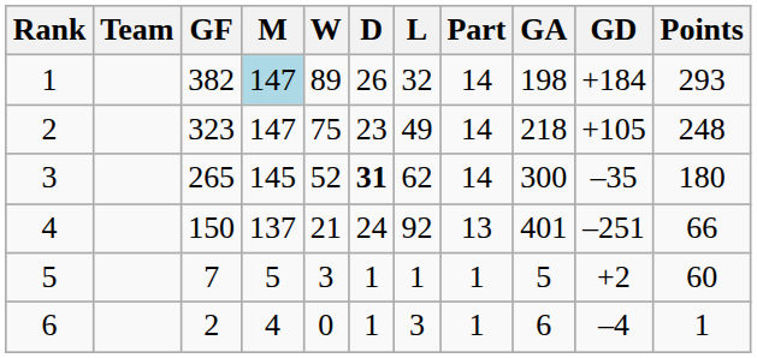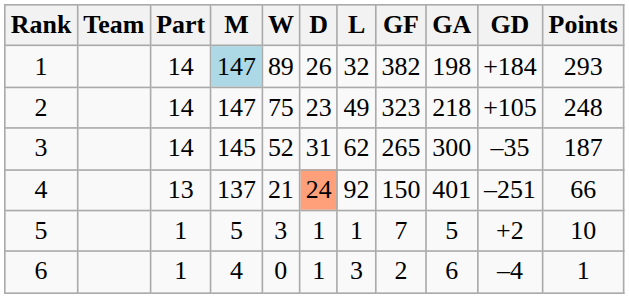 <table class="wikitable sortable" style="text-align:center">
 <tr>
 <th>Rank</th>
 <th>Team</th>
-<th>GF</th>
+<th>Part</th>
 <th>M</th>
 <th>W</th>
 <th>D</th>
 <th>L</th>
-<th>Part</th>
+<th>GF</th>
 <th>GA</th>
 <th>GD</th>
 <th>Points</th>
 </tr>
 <tr>
 <td>1</td>
 <td align=left></td>
-<td>382</td>
+<td>14</td>
 <td style="background: lightblue;">147</td>
 <td>89</td>
 <td>26</td>
 <td>32</td>
-<td>14</td>
+<td>382</td>
 <td>198</td>
 <td>+184</td>
 <td>293</td>
 </tr>
 <tr>
 <td>2</td>
 <td align=left></td>
-<td>323</td>
+<td>14</td>
 <td>147</td>
 <td>75</td>
 <td>23</td>
 <td>49</td>
-<td>14</td>
+<td>323</td>
 <td>218</td>
 <td>+105</td>
 <td>248</td>
 </tr>
 <tr>
 <td>3</td>
 <td align=left></td>
-<td>265</td>
+<td>14</td>
 <td>145</td>
 <td>52</td>
-<td><strong>31</strong></td>
+<td>31</td>
 <td>62</td>
-<td>14</td>
+<td>265</td>
 <td>300</td>
 <td>–35</td>
-<td>180</td>
+<td>187</td>
 </tr>
 <tr>
 <td>4</td>
 <td align=left></td>
-<td>150</td>
+<td>13</td>
 <td>137</td>
 <td>21</td>
-<td>24</td>
+<td style="background: lightsalmon;">24</td>
 <td>92</td>
-<td>13</td>
+<td>150</td>
 <td>401</td>
 <td>–251</td>
 <td>66</td>
 </tr>
 <tr>
 <td>5</td>
 <td align=left></td>
-<td>7</td>
+<td>1</td>
 <td>5</td>
 <td>3</td>
 <td>1</td>
 <td>1</td>
-<td>1</td>
+<td>7</td>
 <td>5</td>
 <td>+2</td>
-<td>60</td>
+<td>10</td>
 </tr>
 <tr>
 <td>6</td>
 <td align=left></td>
-<td>2</td>
+<td>1</td>
 <td>4</td>
 <td>0</td>
 <td>1</td>
 <td>3</td>
-<td>1</td>
+<td>2</td>
 <td>6</td>
 <td>–4</td>
 <td>1</td>
 </tr>
 </table>
